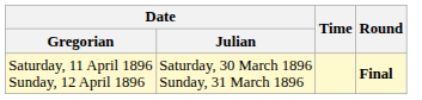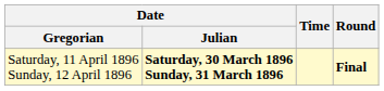 <table class="wikitable">
 <tr>
 <th colspan=2>Date</th>
 <th rowspan=2>Time</th>
 <th rowspan=2>Round</th>
 </tr>
 <tr>
 <th>Gregorian</th>
 <th>Julian</th>
 </tr>
 <tr style=background:lemonchiffon>
 <td>Saturday, 11 April 1896<br>Sunday, 12 April 1896</td>
-<td>Saturday, 30 March 1896<br>Sunday, 31 March 1896</td>
+<td><strong>Saturday, 30 March 1896<br>Sunday, 31 March 1896</strong></td>
 <td></td>
 <td><strong>Final</strong></td>
 </tr>
 </table>
